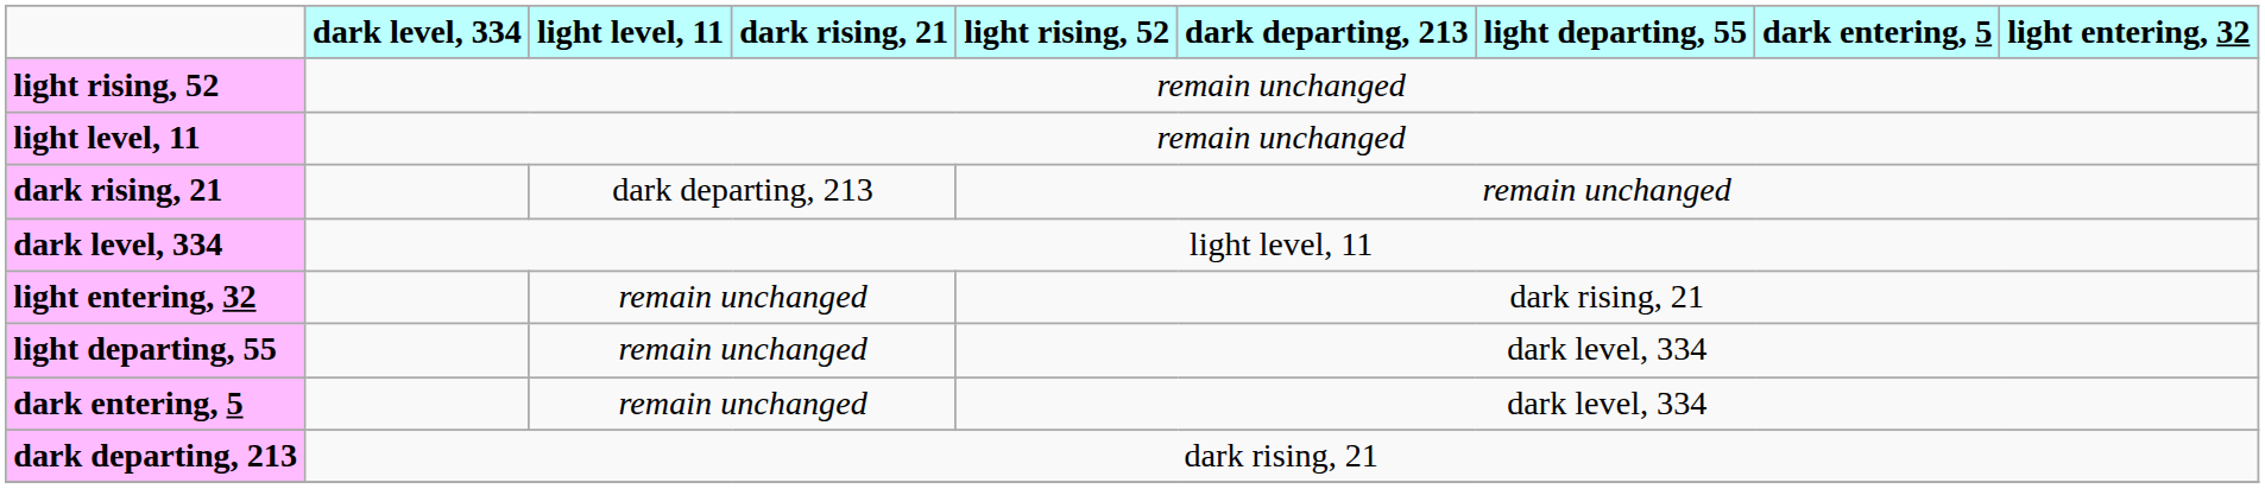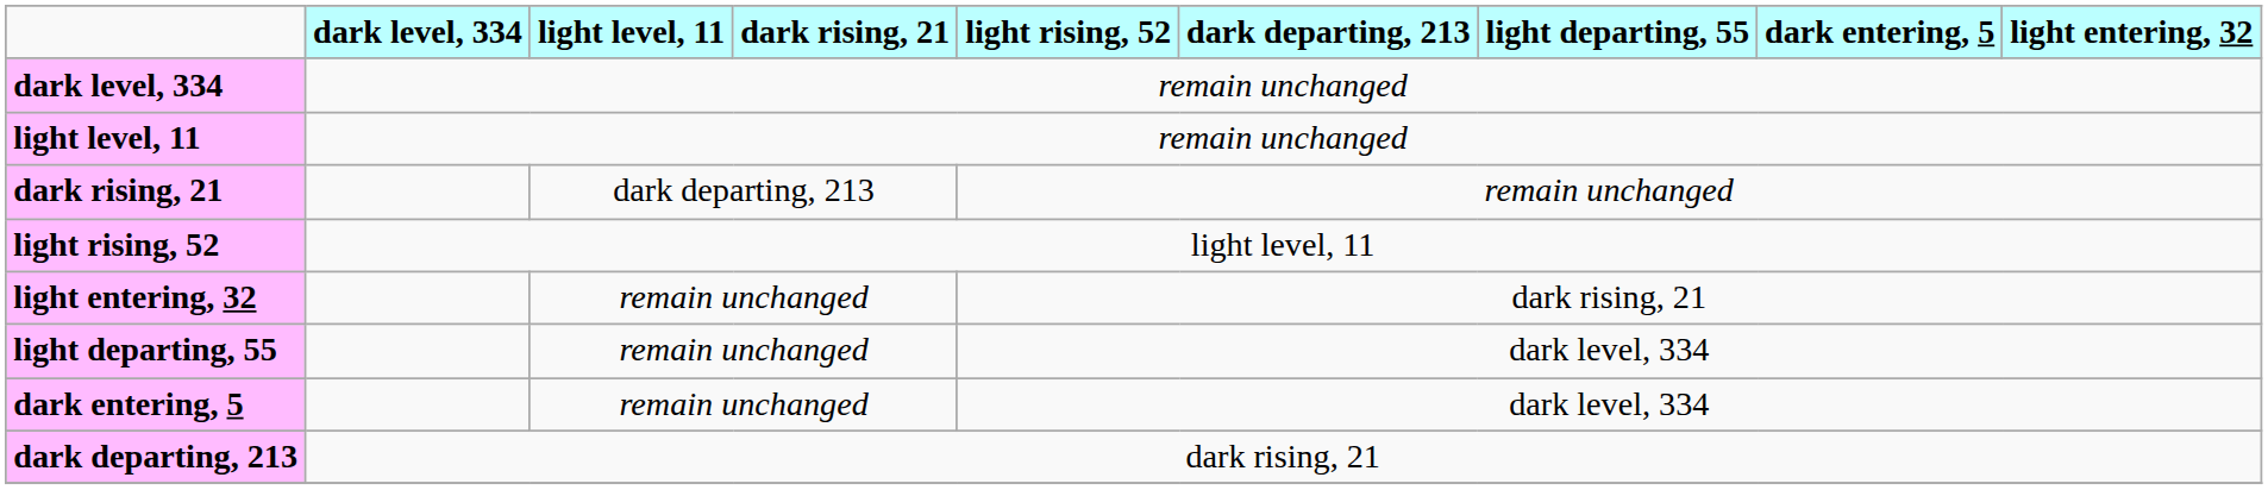 <table class=wikitable>
 <tr>
 <td></td>
 <td bgcolor="#BBFFFF"><strong>dark level, 334</strong></td>
 <td bgcolor="#BBFFFF"><strong>light level, 11</strong></td>
 <td bgcolor="#BBFFFF"><strong>dark rising, 21</strong></td>
 <td bgcolor="#BBFFFF"><strong>light rising, 52</strong></td>
 <td bgcolor="#BBFFFF"><strong>dark departing, 213</strong></td>
 <td bgcolor="#BBFFFF"><strong>light departing, 55</strong></td>
 <td bgcolor="#BBFFFF"><strong>dark entering, <u>5</u></strong></td>
 <td bgcolor="#BBFFFF"><strong>light entering, <u>32</u></strong></td>
 </tr>
 <tr>
-<td bgcolor="#FFBBFF"><strong>light rising, 52</strong></td>
+<td bgcolor="#FFBBFF"><strong>dark level, 334</strong></td>
 <td colspan="8" style="text-align:center;"><em>remain unchanged</em></td>
 </tr>
 <tr>
 <td bgcolor="#FFBBFF"><strong>light level, 11</strong></td>
 <td colspan="8" style="text-align:center;"><em>remain unchanged</em></td>
 </tr>
 <tr>
 <td bgcolor="#FFBBFF"><strong>dark rising, 21</strong></td>
 <td></td>
 <td colspan="2" style="text-align:center;">dark departing, 213</td>
 <td colspan="5" style="text-align:center;"><em>remain unchanged</em></td>
 </tr>
 <tr>
-<td bgcolor="#FFBBFF"><strong>dark level, 334</strong></td>
+<td bgcolor="#FFBBFF"><strong>light rising, 52</strong></td>
 <td colspan="8" style="text-align:center;">light level, 11</td>
 </tr>
 <tr>
 <td bgcolor="#FFBBFF"><strong>light entering, <u>32</u></strong></td>
 <td></td>
 <td colspan="2" style="text-align:center;"><em>remain unchanged</em></td>
 <td colspan="5" style="text-align:center;">dark rising, 21</td>
 </tr>
 <tr>
 <td bgcolor="#FFBBFF"><strong>light departing, 55</strong></td>
 <td></td>
 <td colspan="2" style="text-align:center;"><em>remain unchanged</em></td>
 <td colspan="5" style="text-align:center;">dark level, 334</td>
 </tr>
 <tr>
 <td bgcolor="#FFBBFF"><strong>dark entering, <u>5</u></strong></td>
 <td></td>
 <td colspan="2" style="text-align:center;"><em>remain unchanged</em></td>
 <td colspan="5" style="text-align:center;">dark level, 334</td>
 </tr>
 <tr>
 <td bgcolor="#FFBBFF"><strong>dark departing, 213</strong></td>
 <td colspan="8" style="text-align:center;">dark rising, 21</td>
 </tr>
 <tr>
 </tr>
 </table>
